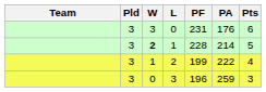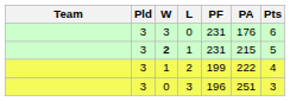 <table class="wikitable" style="text-align:center;">
 <tr>
 <th width=170>Team</th>
 <th width=25>Pld</th>
 <th width=25>W</th>
 <th width=25>L</th>
 <th width=35>PF</th>
 <th width=35>PA</th>
 <th width=25>Pts</th>
 </tr>
 <tr bgcolor=#ccffcc>
 <td align="left"></td>
 <td>3</td>
 <td>3</td>
 <td>0</td>
 <td>231</td>
 <td>176</td>
 <td>6</td>
 </tr>
 <tr bgcolor=#ccffcc>
 <td align="left"></td>
 <td>3</td>
 <td><strong>2</strong></td>
 <td>1</td>
-<td>228</td>
-<td>214</td>
+<td>231</td>
+<td>215</td>
 <td>5</td>
 </tr>
 <tr bgcolor=#F4FA58>
 <td align="left"></td>
 <td>3</td>
 <td>1</td>
 <td>2</td>
 <td>199</td>
 <td>222</td>
 <td>4</td>
 </tr>
 <tr bgcolor=#F4FA58>
 <td align="left"></td>
 <td>3</td>
 <td>0</td>
 <td>3</td>
 <td>196</td>
-<td>259</td>
+<td>251</td>
 <td>3</td>
 </tr>
 </table>
